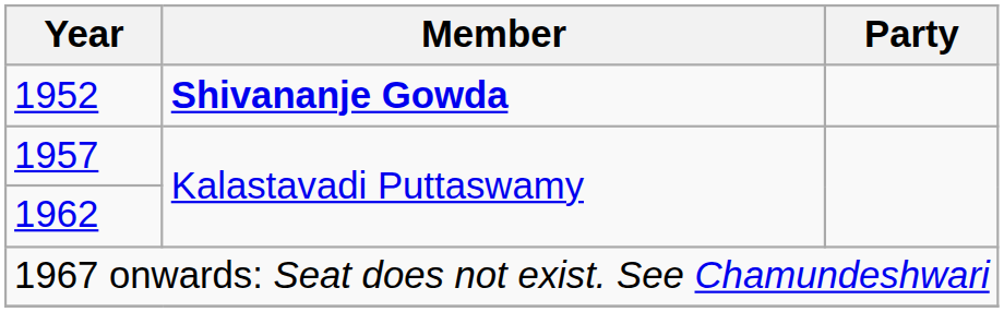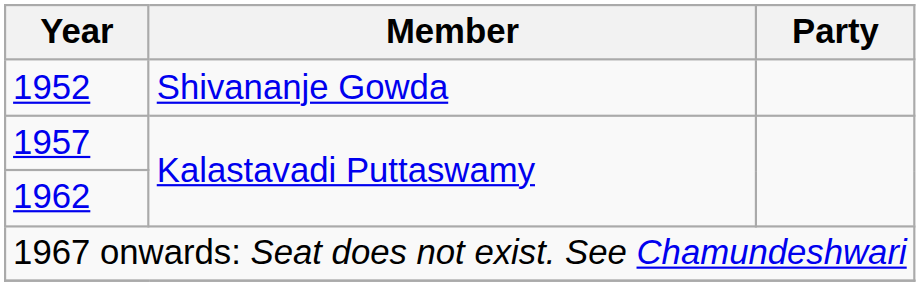 <table class="wikitable">
 <tr>
 <th>Year</th>
 <th>Member</th>
 <th colspan="2">Party</th>
 </tr>
 <tr>
 <td><a href='#'>1952</a></td>
-<td><strong><a href='#'>Shivananje Gowda</a></strong></td>
+<td><a href='#'>Shivananje Gowda</a></td>
 <td></td>
 </tr>
 <tr>
 <td><a href='#'>1957</a></td>
 <td rowspan="2"><a href='#'>Kalastavadi Puttaswamy</a></td>
 </tr>
 <tr>
 <td><a href='#'>1962</a></td>
 </tr>
 <tr>
 <td colspan=4 align=center>1967 onwards: <em>Seat does not exist. See <a href='#'>Chamundeshwari</a></em></td>
 </tr>
 <tr>
 </tr>
 </table>
